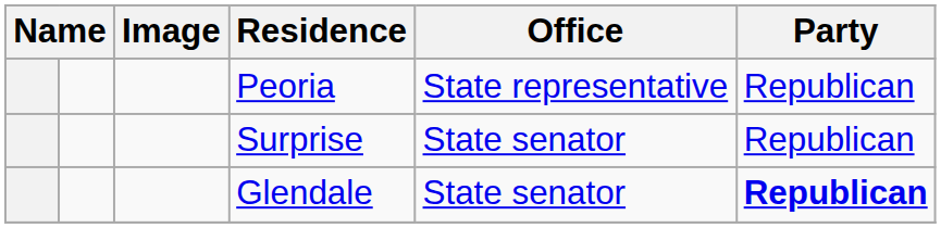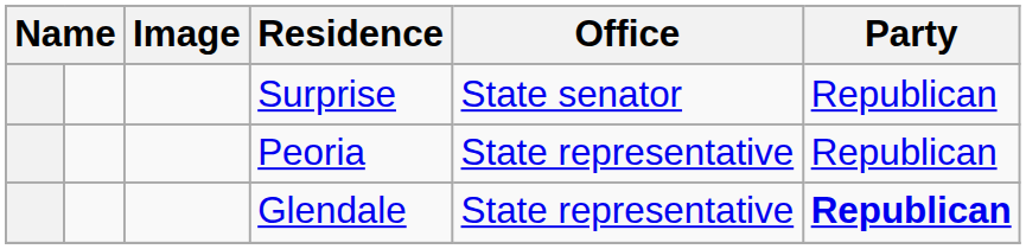 <table class="sortable wikitable">
 <tr valign=bottom>
 <th colspan="2">Name</th>
 <th>Image</th>
 <th>Residence</th>
 <th>Office</th>
 <th>Party</th>
+</tr>
+<tr>
+<th style="background-color:  "></th>
+<td></td>
+<td></td>
+<td><a href='#'>Surprise</a></td>
+<td><a href='#'>State senator</a></td>
+<td><a href='#'>Republican</a></td>
 </tr>
 <tr>
 <th style="background-color:  "></th>
 <td></td>
 <td></td>
 <td><a href='#'>Peoria</a></td>
 <td><a href='#'>State representative</a></td>
 <td><a href='#'>Republican</a></td>
 </tr>
 <tr>
 <th style="background-color:  "></th>
 <td></td>
 <td></td>
-<td><a href='#'>Surprise</a></td>
-<td><a href='#'>State senator</a></td>
-<td><a href='#'>Republican</a></td>
-</tr>
-<tr>
-<th style="background-color:  "></th>
-<td></td>
-<td></td>
 <td><a href='#'>Glendale</a></td>
-<td><a href='#'>State senator</a></td>
+<td><a href='#'>State representative</a></td>
 <td><strong><a href='#'>Republican</a></strong></td>
 </tr>
 <tr>
 </tr>
 </table>
